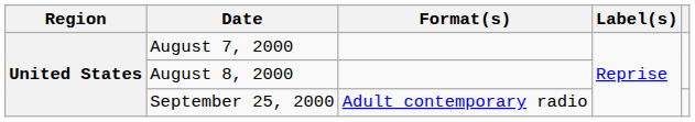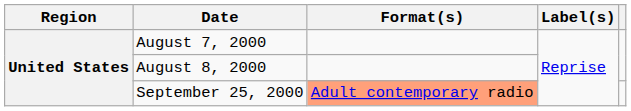 <table class="wikitable plainrowheaders">
 <tr>
 <th scope="col">Region</th>
 <th scope="col">Date</th>
 <th scope="col">Format(s)</th>
 <th scope="col">Label(s)</th>
 <th scope="col"></th>
 </tr>
 <tr>
 <th scope="row" rowspan="3">United States</th>
 <td>August 7, 2000</td>
 <td></td>
 <td rowspan="3"><a href='#'>Reprise</a></td>
 <td rowspan="2" align="center"></td>
 </tr>
 <tr>
 <td>August 8, 2000</td>
 <td></td>
 </tr>
 <tr>
 <td>September 25, 2000</td>
-<td><a href='#'>Adult contemporary</a> radio</td>
+<td style="background: lightsalmon;"><a href='#'>Adult contemporary</a> radio</td>
 <td align="center"></td>
 </tr>
 </table>
